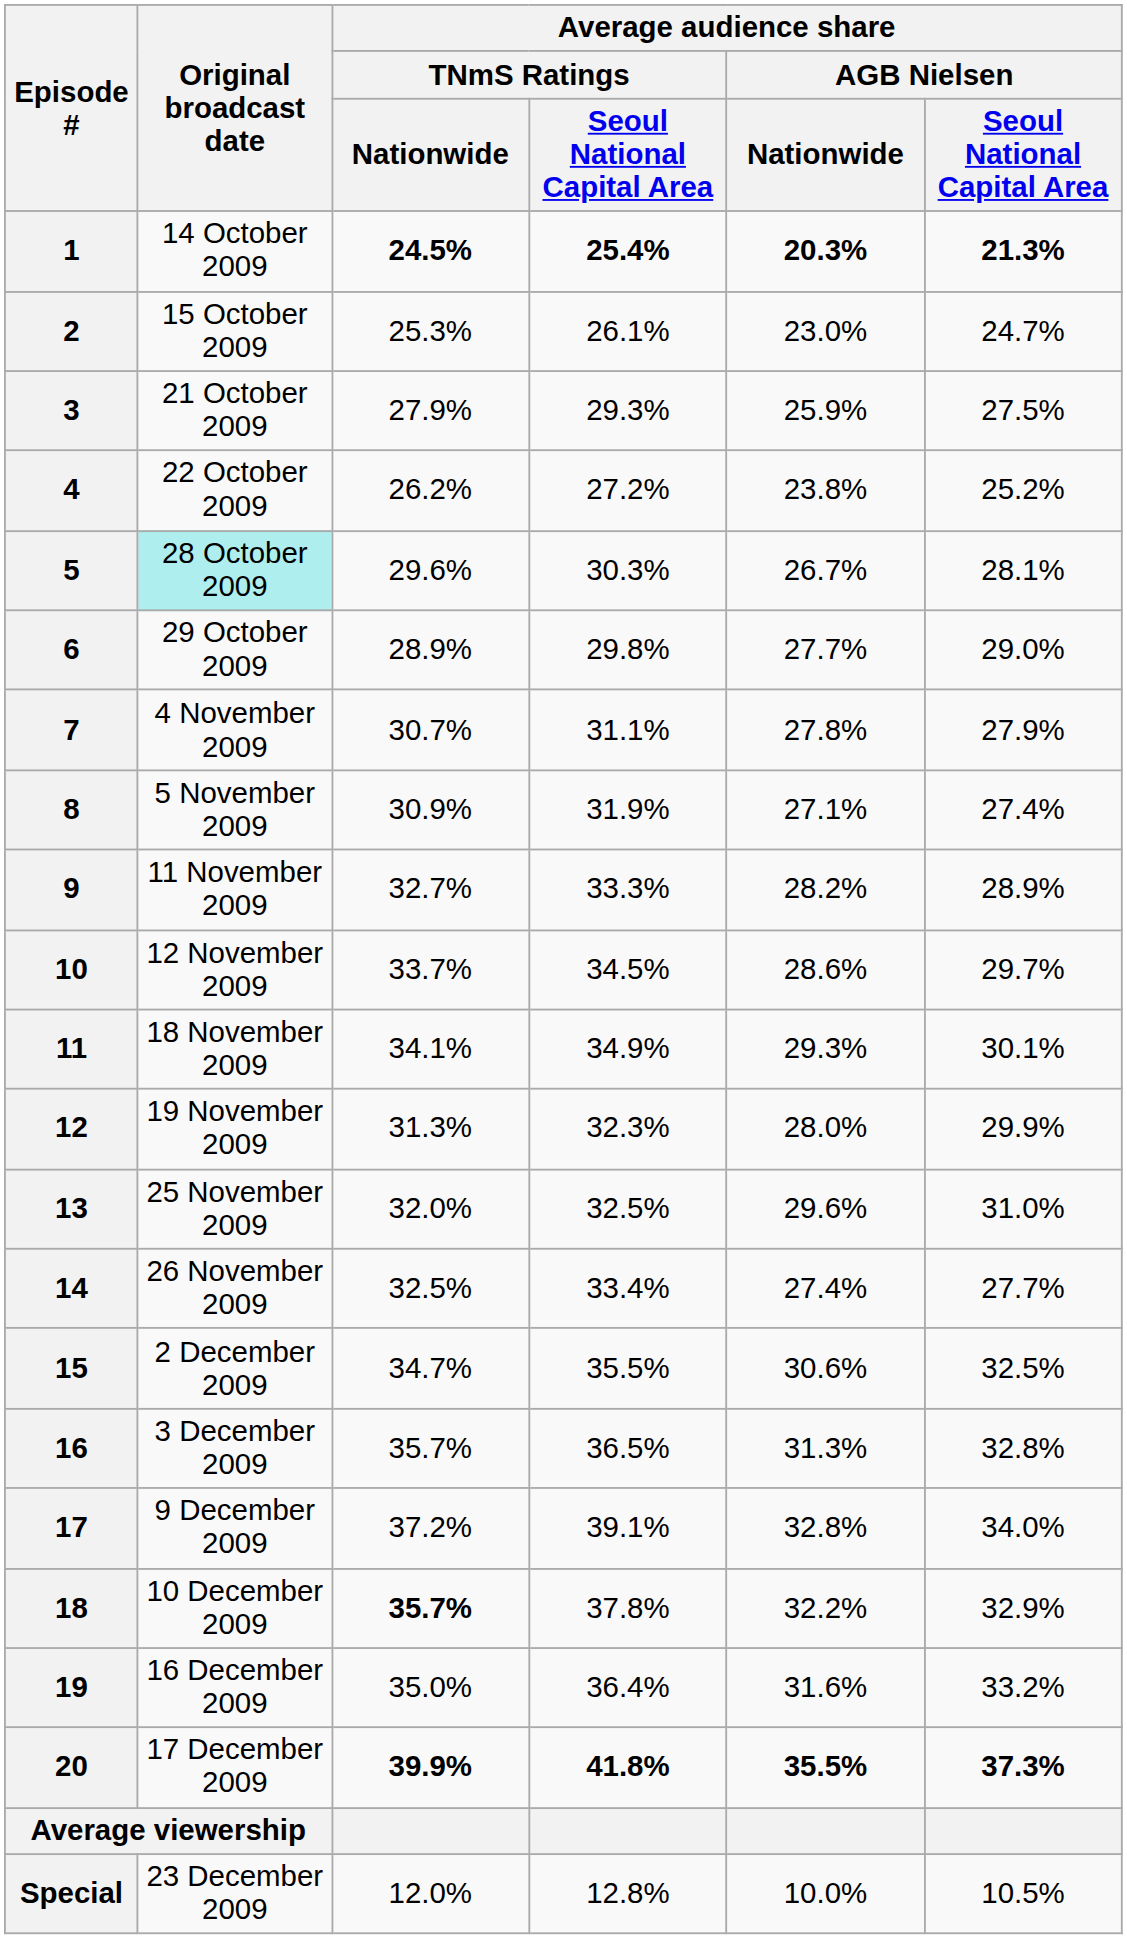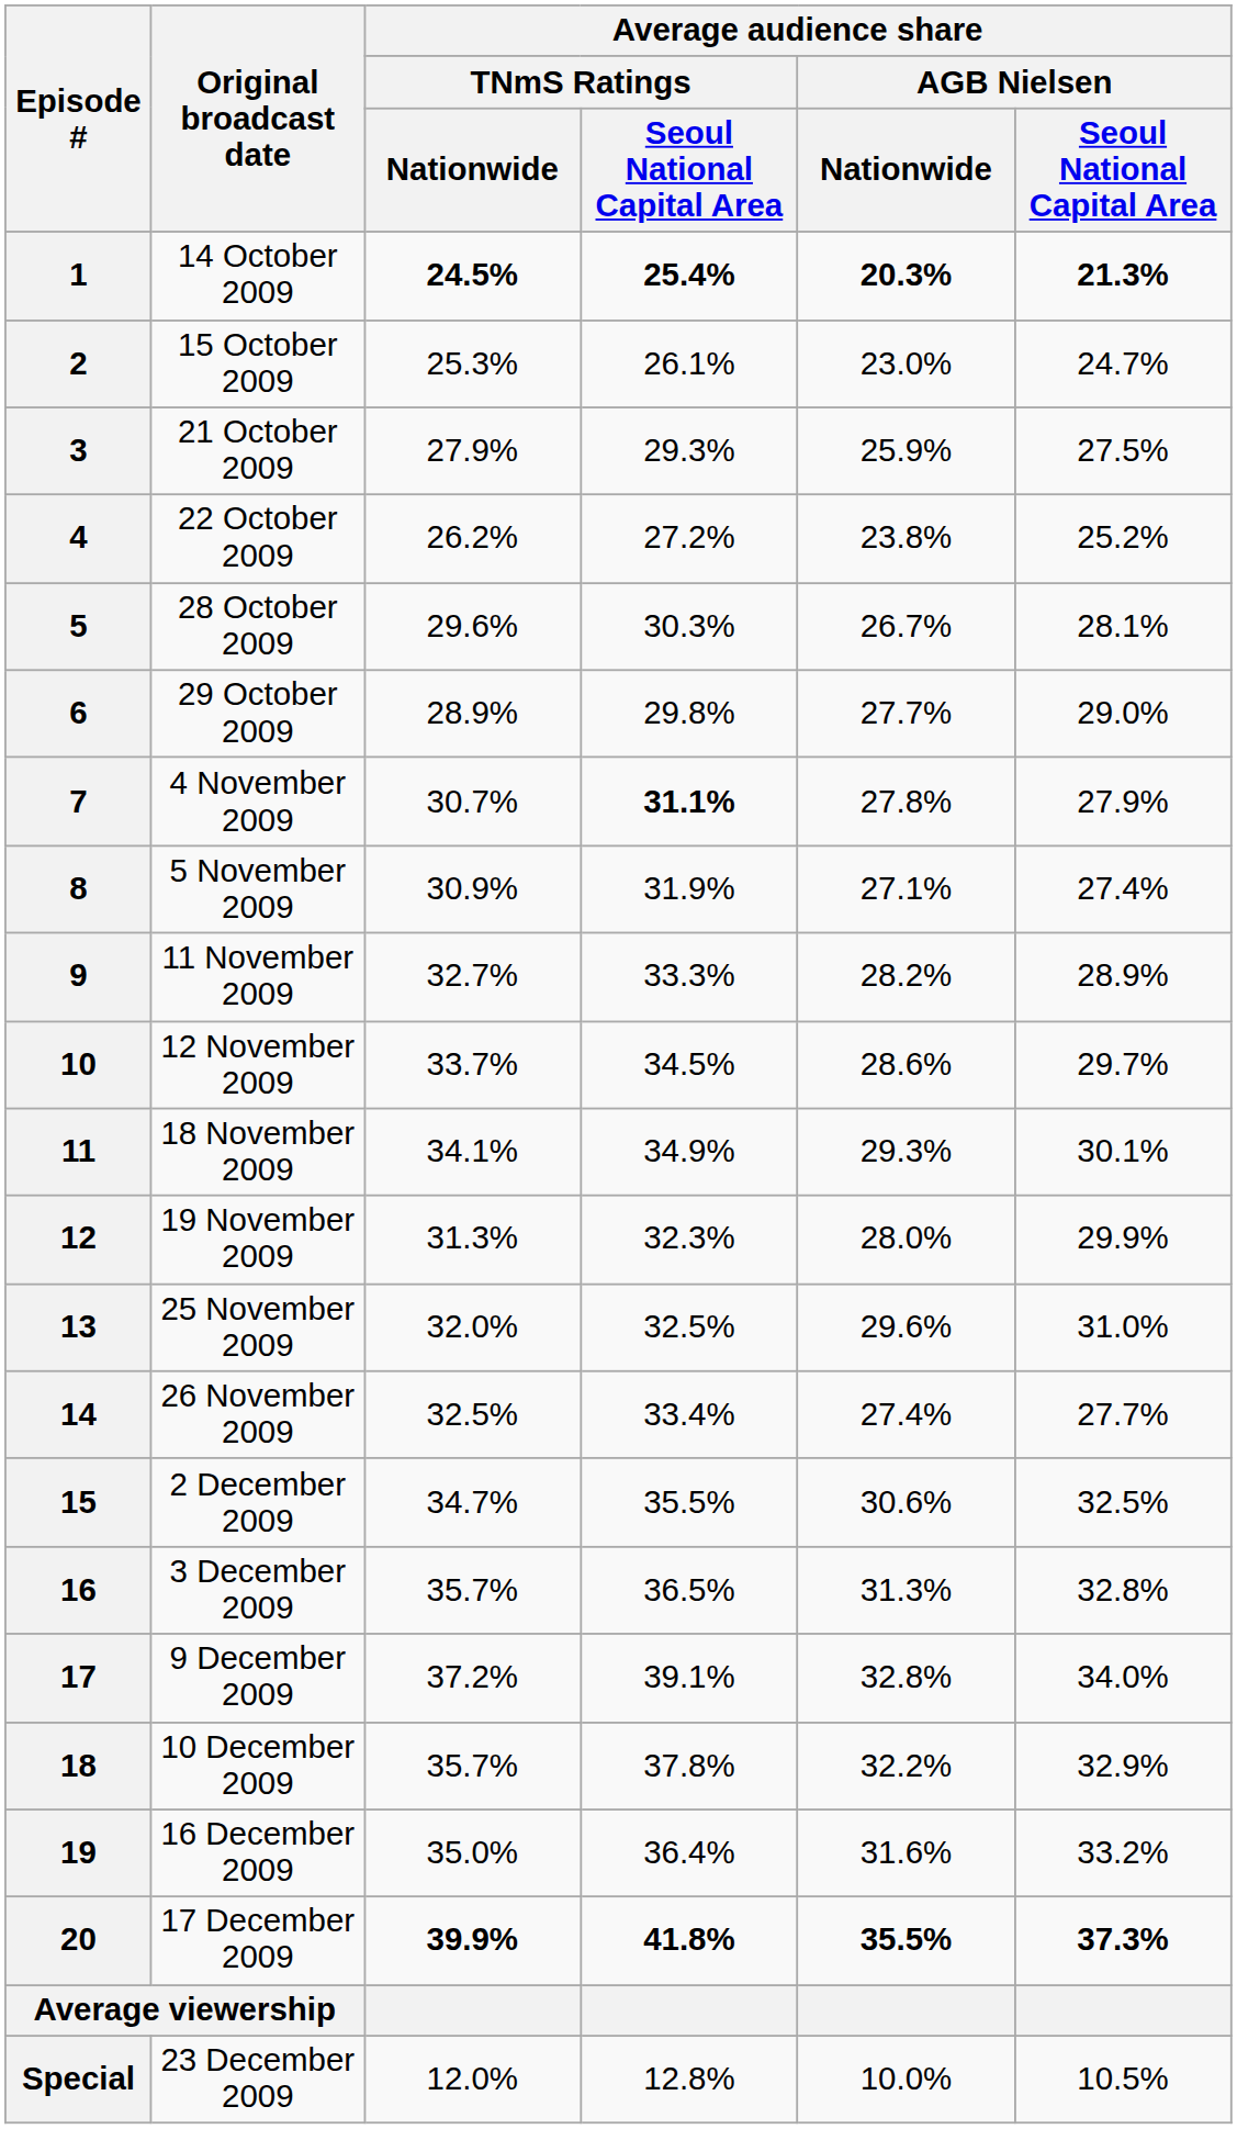 <table class=wikitable style="text-align:center">
 <tr>
 <th rowspan="3">Episode #</th>
 <th rowspan="3">Original broadcast date</th>
 <th colspan="4">Average audience share</th>
 </tr>
 <tr>
 <th colspan="2">TNmS Ratings</th>
 <th colspan="2">AGB Nielsen</th>
 </tr>
 <tr>
 <th width=100>Nationwide</th>
 <th width=100><a href='#'>Seoul National Capital Area</a></th>
 <th width=100>Nationwide</th>
 <th width=100><a href='#'>Seoul National Capital Area</a></th>
 </tr>
 <tr>
 <th>1</th>
 <td>14 October 2009</td>
 <td><span><strong>24.5%</strong></span></td>
 <td><span><strong>25.4%</strong></span></td>
 <td><span><strong>20.3%</strong></span></td>
 <td><span><strong>21.3%</strong></span></td>
 </tr>
 <tr>
 <th>2</th>
 <td>15 October 2009</td>
 <td>25.3%</td>
 <td>26.1%</td>
 <td>23.0%</td>
 <td>24.7%</td>
 </tr>
 <tr>
 <th>3</th>
 <td>21 October 2009</td>
 <td>27.9%</td>
 <td>29.3%</td>
 <td>25.9%</td>
 <td>27.5%</td>
 </tr>
 <tr>
 <th>4</th>
 <td>22 October 2009</td>
 <td>26.2%</td>
 <td>27.2%</td>
 <td>23.8%</td>
 <td>25.2%</td>
 </tr>
 <tr>
 <th>5</th>
-<td style="background: paleturquoise;">28 October 2009</td>
+<td>28 October 2009</td>
 <td>29.6%</td>
 <td>30.3%</td>
 <td>26.7%</td>
 <td>28.1%</td>
 </tr>
 <tr>
 <th>6</th>
 <td>29 October 2009</td>
 <td>28.9%</td>
 <td>29.8%</td>
 <td>27.7%</td>
 <td>29.0%</td>
 </tr>
 <tr>
 <th>7</th>
 <td>4 November 2009</td>
 <td>30.7%</td>
-<td>31.1%</td>
+<td><strong>31.1%</strong></td>
 <td>27.8%</td>
 <td>27.9%</td>
 </tr>
 <tr>
 <th>8</th>
 <td>5 November 2009</td>
 <td>30.9%</td>
 <td>31.9%</td>
 <td>27.1%</td>
 <td>27.4%</td>
 </tr>
 <tr>
 <th>9</th>
 <td>11 November 2009</td>
 <td>32.7%</td>
 <td>33.3%</td>
 <td>28.2%</td>
 <td>28.9%</td>
 </tr>
 <tr>
 <th>10</th>
 <td>12 November 2009</td>
 <td>33.7%</td>
 <td>34.5%</td>
 <td>28.6%</td>
 <td>29.7%</td>
 </tr>
 <tr>
 <th>11</th>
 <td>18 November 2009</td>
 <td>34.1%</td>
 <td>34.9%</td>
 <td>29.3%</td>
 <td>30.1%</td>
 </tr>
 <tr>
 <th>12</th>
 <td>19 November 2009</td>
 <td>31.3%</td>
 <td>32.3%</td>
 <td>28.0%</td>
 <td>29.9%</td>
 </tr>
 <tr>
 <th>13</th>
 <td>25 November 2009</td>
 <td>32.0%</td>
 <td>32.5%</td>
 <td>29.6%</td>
 <td>31.0%</td>
 </tr>
 <tr>
 <th>14</th>
 <td>26 November 2009</td>
 <td>32.5%</td>
 <td>33.4%</td>
 <td>27.4%</td>
 <td>27.7%</td>
 </tr>
 <tr>
 <th>15</th>
 <td>2 December 2009</td>
 <td>34.7%</td>
 <td>35.5%</td>
 <td>30.6%</td>
 <td>32.5%</td>
 </tr>
 <tr>
 <th>16</th>
 <td>3 December 2009</td>
 <td>35.7%</td>
 <td>36.5%</td>
 <td>31.3%</td>
 <td>32.8%</td>
 </tr>
 <tr>
 <th>17</th>
 <td>9 December 2009</td>
 <td>37.2%</td>
 <td>39.1%</td>
 <td>32.8%</td>
 <td>34.0%</td>
 </tr>
 <tr>
 <th>18</th>
 <td>10 December 2009</td>
-<td><strong>35.7%</strong></td>
+<td>35.7%</td>
 <td>37.8%</td>
 <td>32.2%</td>
 <td>32.9%</td>
 </tr>
 <tr>
 <th>19</th>
 <td>16 December 2009</td>
 <td>35.0%</td>
 <td>36.4%</td>
 <td>31.6%</td>
 <td>33.2%</td>
 </tr>
 <tr>
 <th>20</th>
 <td>17 December 2009</td>
 <td><span><strong>39.9%</strong></span></td>
 <td><span><strong>41.8%</strong></span></td>
 <td><span><strong>35.5%</strong></span></td>
 <td><span><strong>37.3%</strong></span></td>
 </tr>
 <tr>
 <th colspan="2">Average viewership</th>
 <th></th>
 <th></th>
 <th></th>
 <th></th>
 </tr>
 <tr>
 <th>Special</th>
 <td>23 December 2009</td>
 <td>12.0%</td>
 <td>12.8%</td>
 <td>10.0%</td>
 <td>10.5%</td>
 </tr>
 </table>
